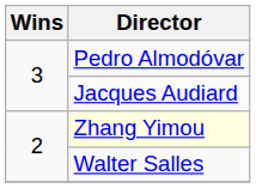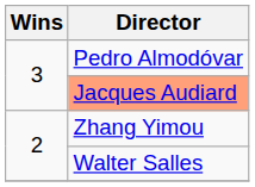 <table class="wikitable sortable">
 <tr>
 <th>Wins</th>
 <th>Director</th>
 </tr>
 <tr>
 <td rowspan="2" style="text-align:center">3</td>
 <td> <a href='#'>Pedro Almodóvar</a></td>
 </tr>
 <tr>
-<td> <a href='#'>Jacques Audiard</a></td>
+<td style="background: lightsalmon;"> <a href='#'>Jacques Audiard</a></td>
 </tr>
 <tr>
 <td rowspan="2" style="text-align:center">2</td>
-<td style="background: lightyellow;"> <a href='#'>Zhang Yimou</a></td>
+<td> <a href='#'>Zhang Yimou</a></td>
 </tr>
 <tr>
 <td> <a href='#'>Walter Salles</a></td>
 </tr>
 <tr>
 </tr>
 </table>
